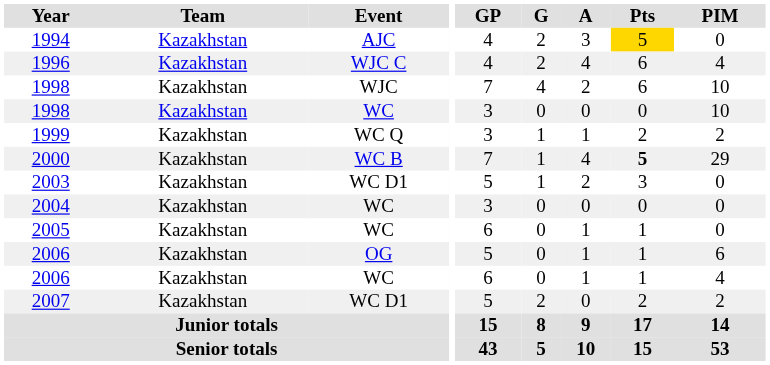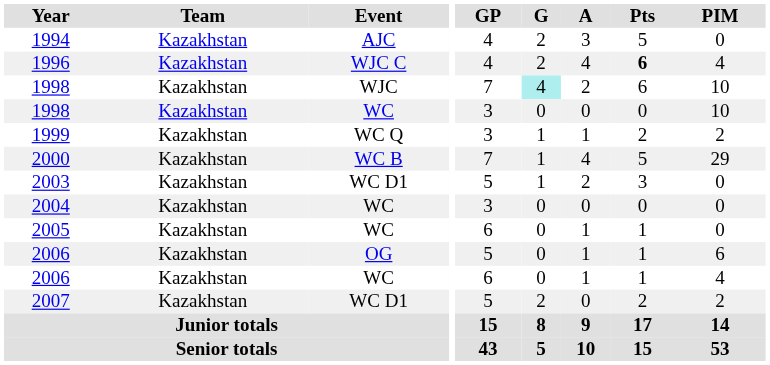 <table border="0" cellpadding="1" cellspacing="0" style="text-align:center; width:40em">
 <tr bgcolor="#e0e0e0">
 <th>Year</th>
 <th>Team</th>
 <th>Event</th>
 <th rowspan="99" bgcolor="#ffffff"></th>
 <th>GP</th>
 <th>G</th>
 <th>A</th>
 <th>Pts</th>
 <th>PIM</th>
 </tr>
 <tr>
 <td><a href='#'>1994</a></td>
 <td><a href='#'>Kazakhstan</a></td>
 <td><a href='#'>AJC</a></td>
 <td>4</td>
 <td>2</td>
 <td>3</td>
-<td style="background: gold;">5</td>
+<td>5</td>
 <td>0</td>
 </tr>
 <tr bgcolor="#f0f0f0">
 <td><a href='#'>1996</a></td>
 <td><a href='#'>Kazakhstan</a></td>
 <td><a href='#'>WJC C</a></td>
 <td>4</td>
 <td>2</td>
 <td>4</td>
-<td>6</td>
+<td><strong>6</strong></td>
 <td>4</td>
 </tr>
 <tr>
 <td><a href='#'>1998</a></td>
 <td>Kazakhstan</td>
 <td>WJC</td>
 <td>7</td>
-<td>4</td>
+<td style="background: paleturquoise;">4</td>
 <td>2</td>
 <td>6</td>
 <td>10</td>
 </tr>
 <tr bgcolor="#f0f0f0">
 <td><a href='#'>1998</a></td>
 <td><a href='#'>Kazakhstan</a></td>
 <td><a href='#'>WC</a></td>
 <td>3</td>
 <td>0</td>
 <td>0</td>
 <td>0</td>
 <td>10</td>
 </tr>
 <tr>
 <td><a href='#'>1999</a></td>
 <td>Kazakhstan</td>
 <td>WC Q</td>
 <td>3</td>
 <td>1</td>
 <td>1</td>
 <td>2</td>
 <td>2</td>
 </tr>
 <tr bgcolor="#f0f0f0">
 <td><a href='#'>2000</a></td>
 <td>Kazakhstan</td>
 <td><a href='#'>WC B</a></td>
 <td>7</td>
 <td>1</td>
 <td>4</td>
-<td><strong>5</strong></td>
+<td>5</td>
 <td>29</td>
 </tr>
 <tr>
 <td><a href='#'>2003</a></td>
 <td>Kazakhstan</td>
 <td>WC D1</td>
 <td>5</td>
 <td>1</td>
 <td>2</td>
 <td>3</td>
 <td>0</td>
 </tr>
 <tr bgcolor="#f0f0f0">
 <td><a href='#'>2004</a></td>
 <td>Kazakhstan</td>
 <td>WC</td>
 <td>3</td>
 <td>0</td>
 <td>0</td>
 <td>0</td>
 <td>0</td>
 </tr>
 <tr>
 <td><a href='#'>2005</a></td>
 <td>Kazakhstan</td>
 <td>WC</td>
 <td>6</td>
 <td>0</td>
 <td>1</td>
 <td>1</td>
 <td>0</td>
 </tr>
 <tr bgcolor="#f0f0f0">
 <td><a href='#'>2006</a></td>
 <td>Kazakhstan</td>
 <td><a href='#'>OG</a></td>
 <td>5</td>
 <td>0</td>
 <td>1</td>
 <td>1</td>
 <td>6</td>
 </tr>
 <tr>
 <td><a href='#'>2006</a></td>
 <td>Kazakhstan</td>
 <td>WC</td>
 <td>6</td>
 <td>0</td>
 <td>1</td>
 <td>1</td>
 <td>4</td>
 </tr>
 <tr bgcolor="#f0f0f0">
 <td><a href='#'>2007</a></td>
 <td>Kazakhstan</td>
 <td>WC D1</td>
 <td>5</td>
 <td>2</td>
 <td>0</td>
 <td>2</td>
 <td>2</td>
 </tr>
 <tr bgcolor="#e0e0e0">
 <th colspan="3">Junior totals</th>
 <th>15</th>
 <th>8</th>
 <th>9</th>
 <th>17</th>
 <th>14</th>
 </tr>
 <tr bgcolor="#e0e0e0">
 <th colspan="3">Senior totals</th>
 <th>43</th>
 <th>5</th>
 <th>10</th>
 <th>15</th>
 <th>53</th>
 </tr>
 </table>
